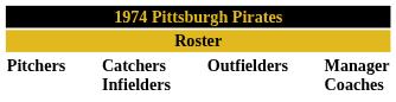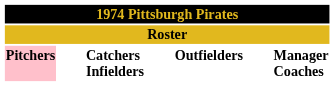 <table class="toccolours" style="font-size: 95%;">
 <tr>
 <th colspan="10" style="background-color: black; color: #e1b81e; text-align: center;">1974 Pittsburgh Pirates</th>
 </tr>
 <tr>
 <td colspan="10" style="background-color: #e1b81e; color: black; text-align: center;"><strong>Roster</strong></td>
 </tr>
 <tr>
-<td valign="top"><strong>Pitchers</strong><br>                </td>
+<td valign="top" style="background: pink;"><strong>Pitchers</strong><br>                </td>
 <td width="25px"></td>
 <td valign="top"><strong>Catchers</strong><br>    <strong>Infielders</strong>          </td>
 <td width="25px"></td>
 <td valign="top"><strong>Outfielders</strong><br>       </td>
 <td width="25px"></td>
 <td valign="top"><strong>Manager</strong><br> <strong>Coaches</strong>    </td>
 </tr>
 </table>
